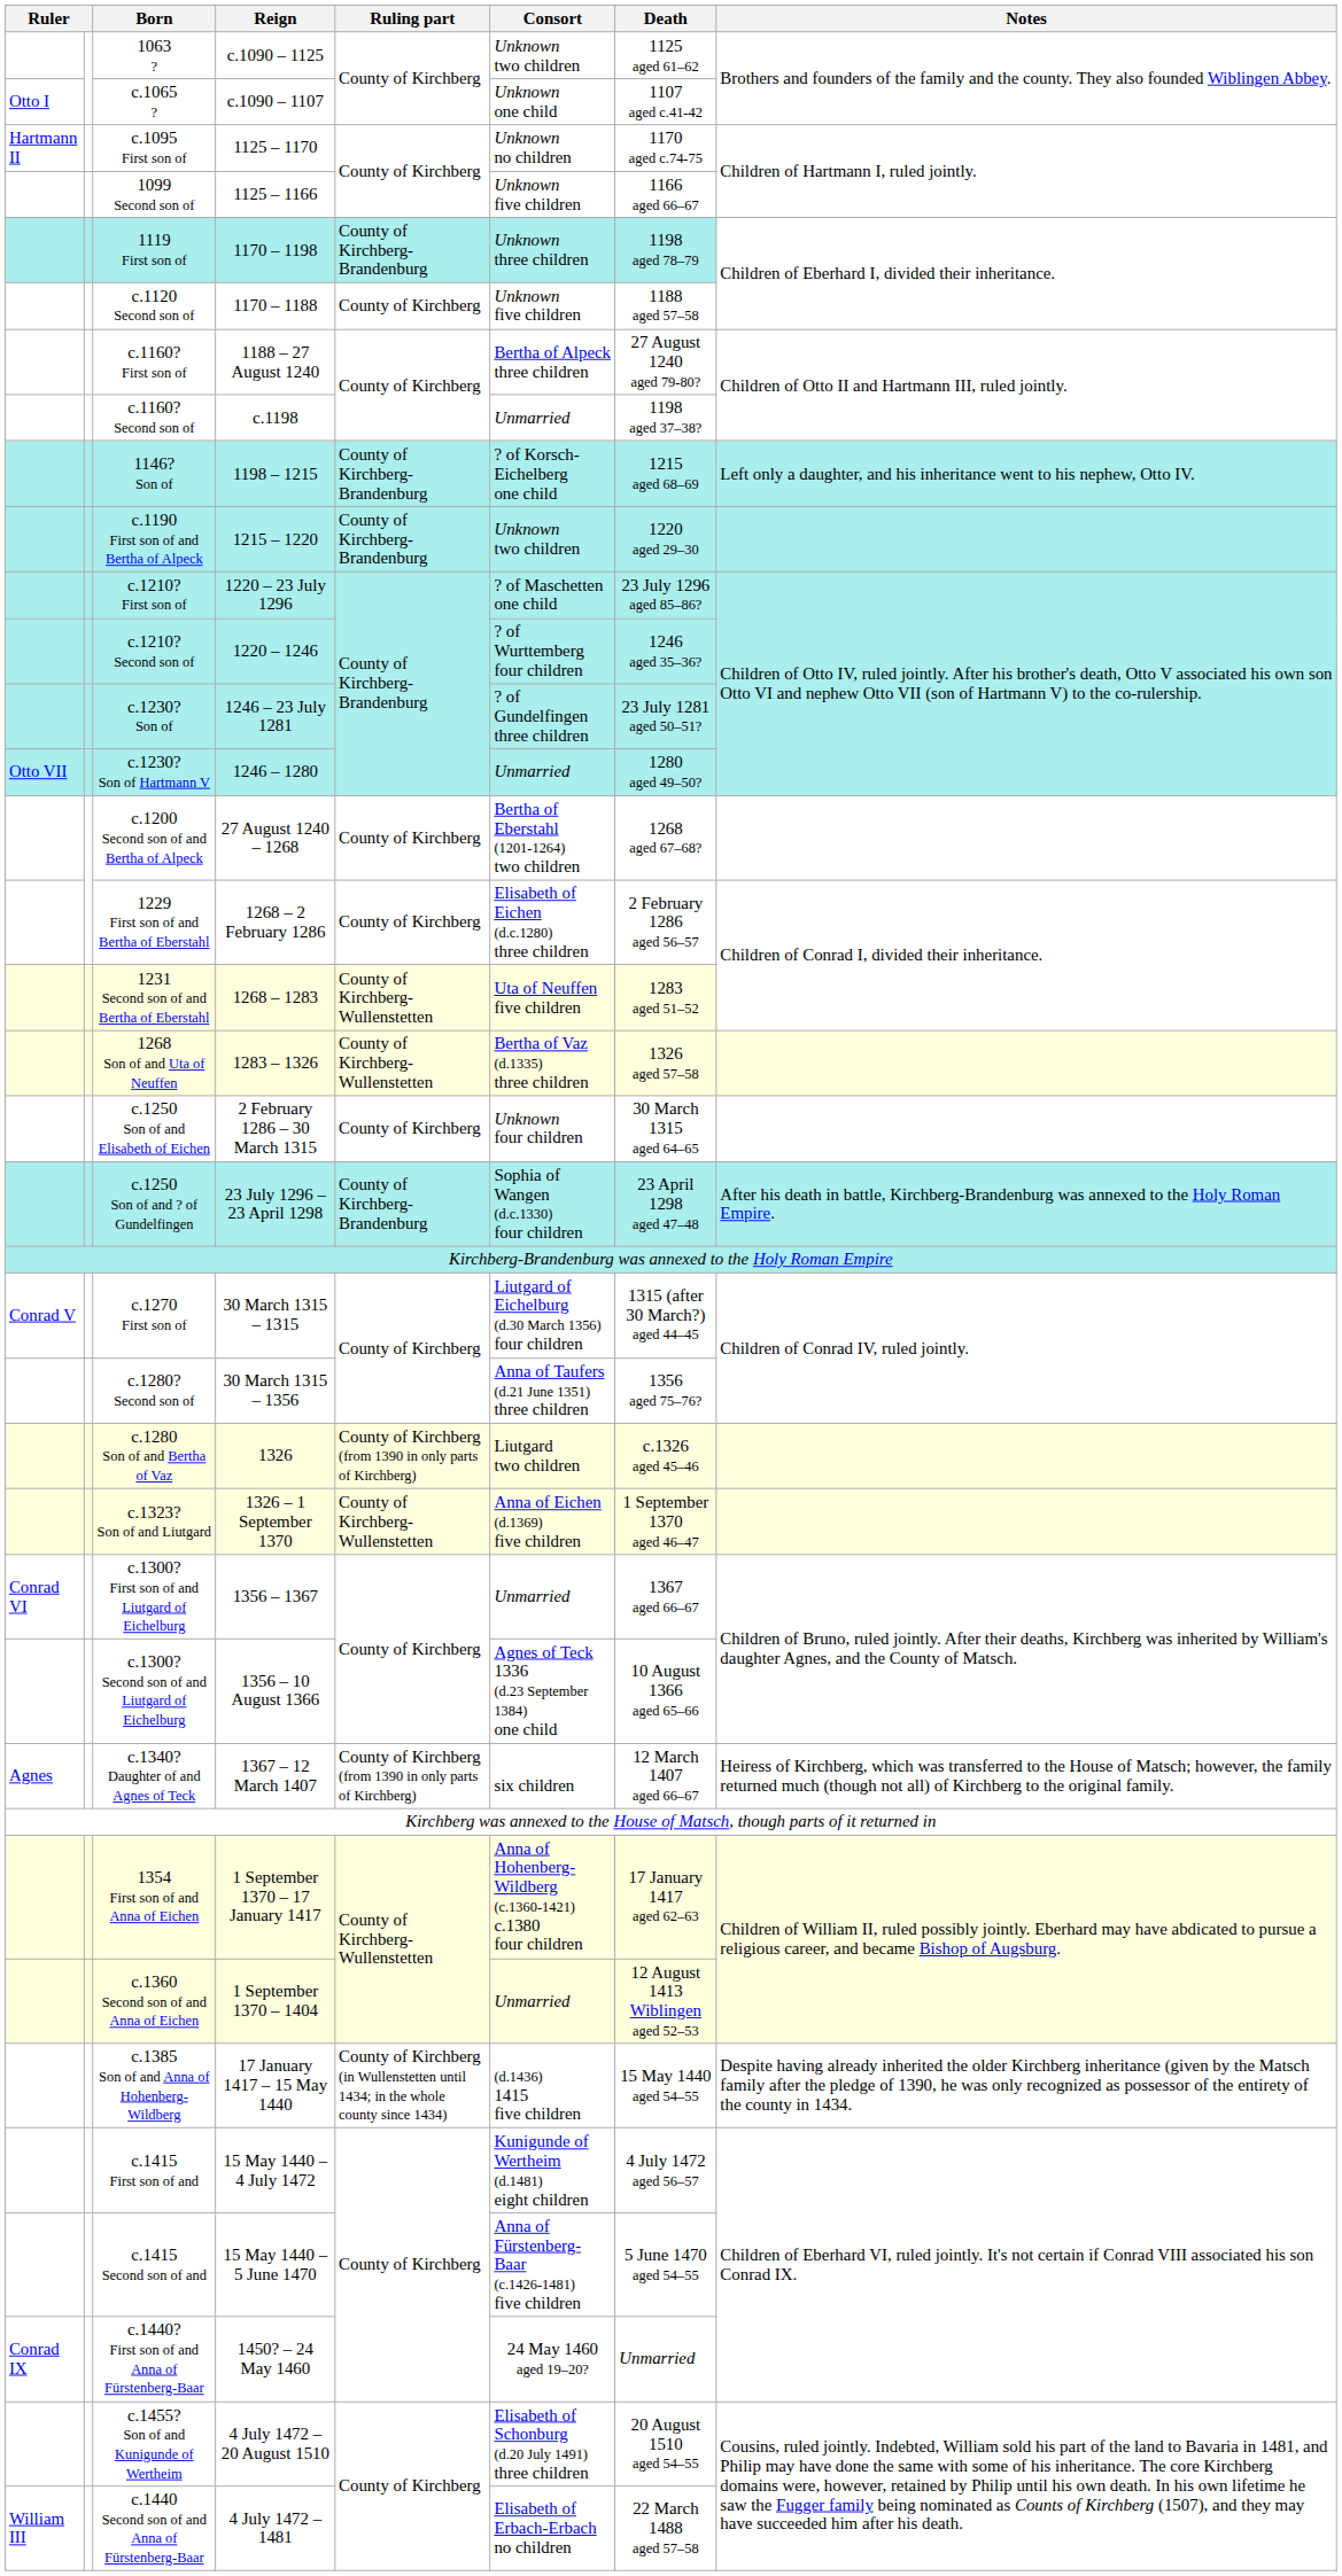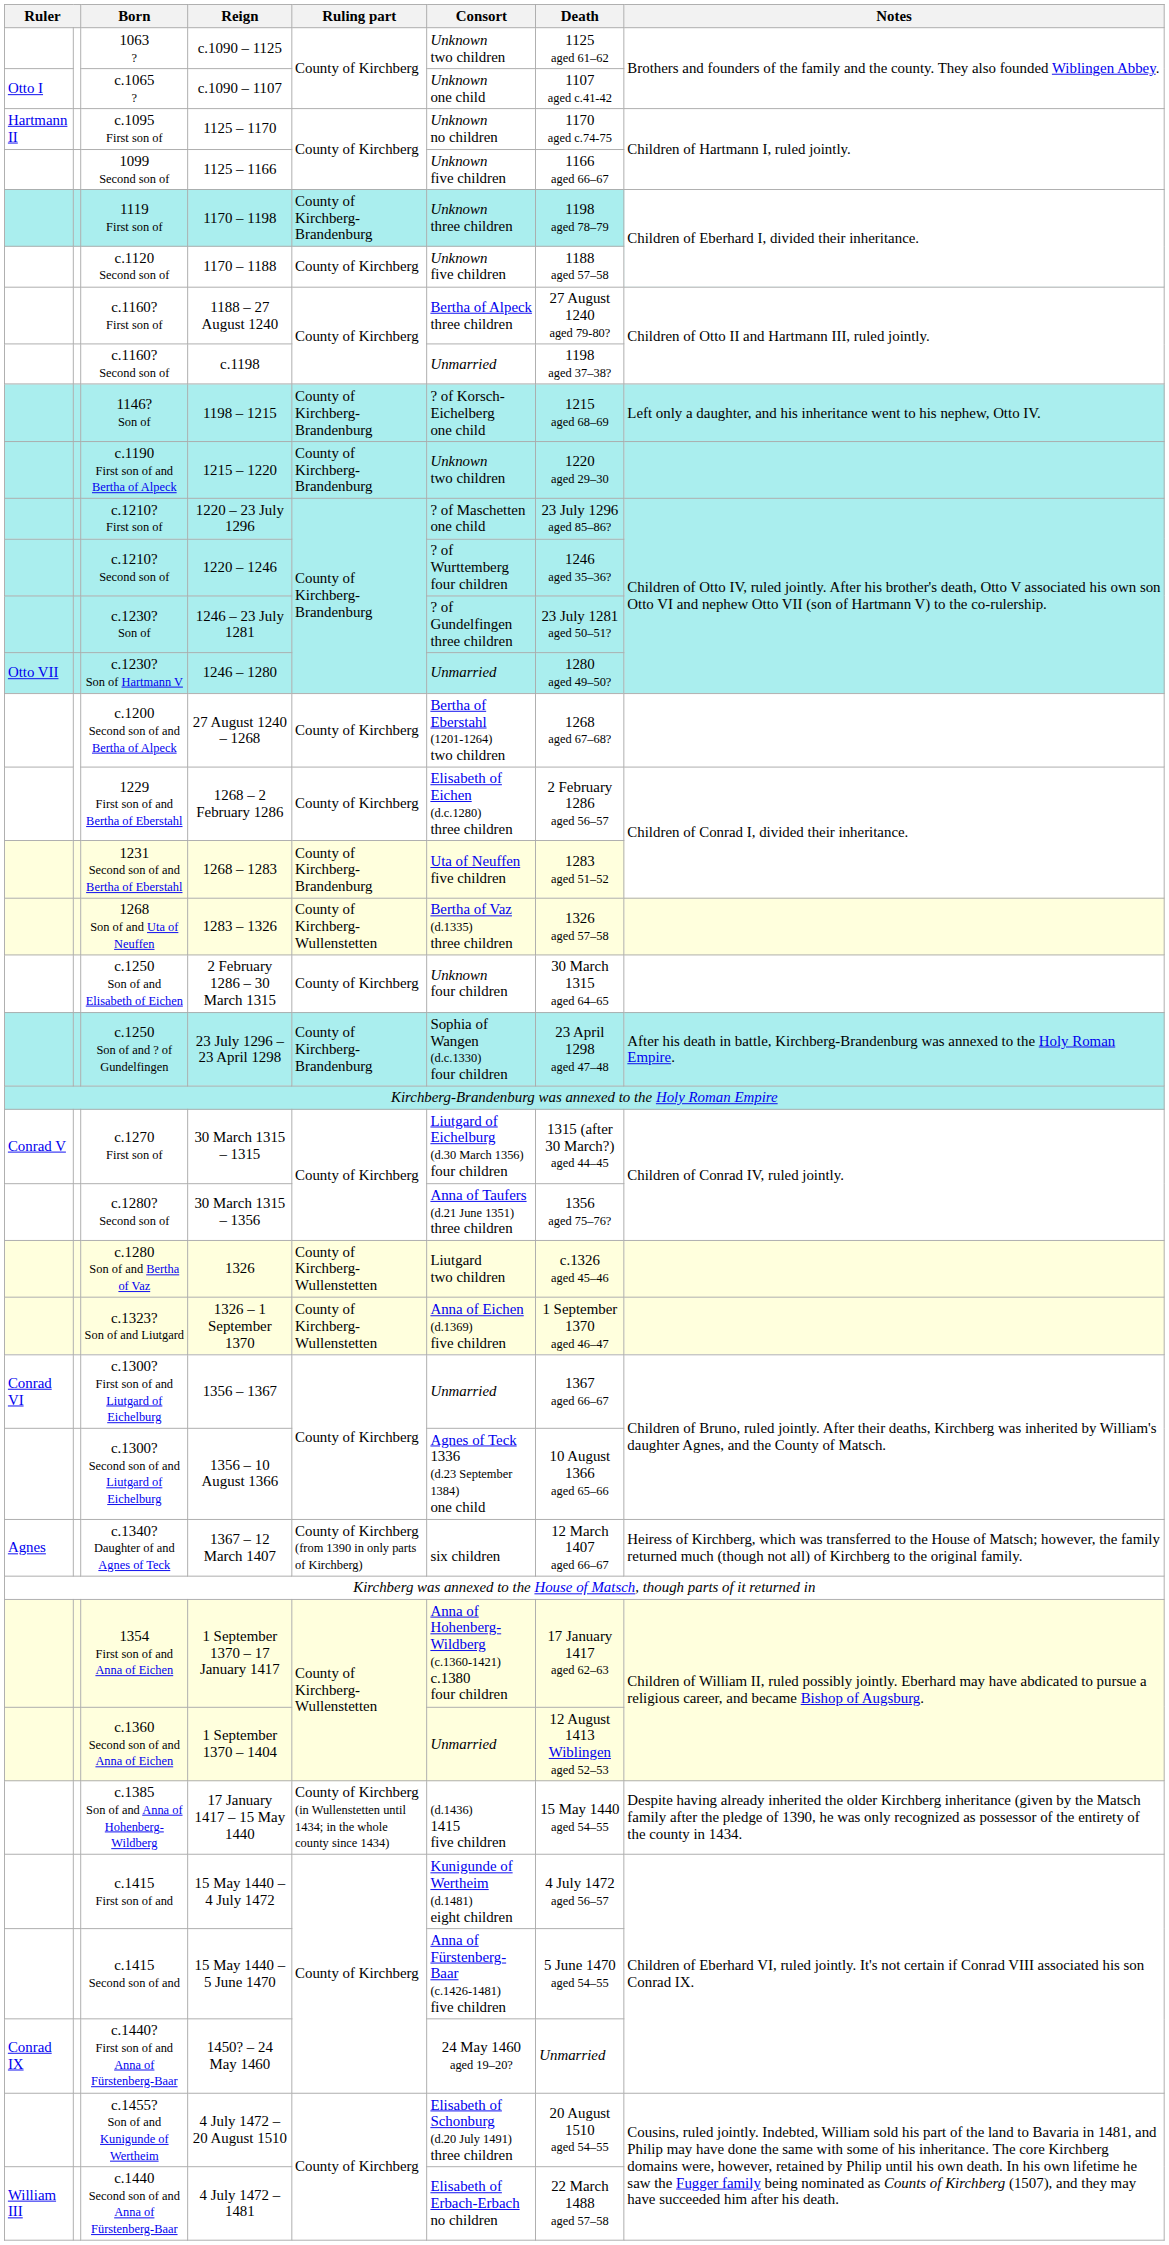 <table class="wikitable sticky-header">
 <tr>
 <th colspan=2>Ruler</th>
 <th>Born</th>
 <th>Reign</th>
 <th>Ruling part</th>
 <th>Consort</th>
 <th>Death</th>
 <th>Notes</th>
 </tr>
 <tr style="background:#fff;">
 <td></td>
 <td rowspan="2"></td>
 <td align=center>1063<br><small>?</small></td>
 <td align="center">c.1090 –  1125</td>
 <td rowspan="2">County of Kirchberg</td>
 <td><em>Unknown</em><br>two children</td>
 <td align=center>1125<br><small>aged 61–62</small></td>
 <td rowspan="2">Brothers and founders of the family and the county. They also founded <a href='#'>Wiblingen Abbey</a>.</td>
 </tr>
 <tr style="background:#fff;">
 <td><a href='#'>Otto I</a></td>
 <td align=center>c.1065<br><small>?</small></td>
 <td align="center">c.1090 –  1107</td>
 <td><em>Unknown</em><br>one child</td>
 <td align=center>1107<br><small>aged c.41-42</small></td>
 </tr>
 <tr style="background:#fff;">
 <td><a href='#'>Hartmann II</a></td>
 <td></td>
 <td align=center>c.1095<br><small>First son of </small></td>
 <td align="center">1125 – 1170</td>
 <td rowspan="2">County of Kirchberg</td>
 <td><em>Unknown</em><br>no children</td>
 <td align=center>1170<br><small>aged c.74-75</small></td>
 <td rowspan="2">Children of Hartmann I, ruled jointly.</td>
 </tr>
 <tr style="background:#fff;">
 <td></td>
 <td></td>
 <td align=center>1099<br><small>Second son of </small></td>
 <td align="center">1125 – 1166</td>
 <td><em>Unknown</em><br>five children</td>
 <td align=center>1166<br><small>aged 66–67</small></td>
 </tr>
 <tr style="background:#aee;">
 <td></td>
 <td></td>
 <td align=center>1119<br><small>First son of </small></td>
 <td align="center">1170 – 1198</td>
 <td>County of Kirchberg-Brandenburg</td>
 <td><em>Unknown</em><br>three children</td>
 <td align=center>1198<br><small>aged 78–79</small></td>
 <td rowspan="2" style="background:#fff;">Children of Eberhard I, divided their inheritance.</td>
 </tr>
 <tr style="background:#fff;">
 <td></td>
 <td></td>
 <td align=center>c.1120<br><small>Second son of </small></td>
 <td align="center">1170 – 1188</td>
 <td>County of Kirchberg</td>
 <td><em>Unknown</em><br>five children</td>
 <td align=center>1188<br><small>aged 57–58</small></td>
 </tr>
 <tr style="background:#fff;">
 <td></td>
 <td></td>
 <td align=center>c.1160?<br><small>First son of </small></td>
 <td align="center">1188 – 27 August 1240</td>
 <td rowspan="2">County of Kirchberg</td>
 <td><a href='#'>Bertha of Alpeck</a><br>three children</td>
 <td align=center>27 August 1240<br><small>aged 79-80?</small></td>
 <td rowspan="2">Children of Otto II and Hartmann III, ruled jointly.</td>
 </tr>
 <tr style="background:#fff;">
 <td></td>
 <td></td>
 <td align=center>c.1160?<br><small>Second son of </small></td>
 <td align="center">c.1198</td>
 <td><em>Unmarried</em></td>
 <td align=center>1198<br><small>aged 37–38?</small></td>
 </tr>
 <tr style="background:#aee;">
 <td></td>
 <td></td>
 <td align=center>1146?<br><small>Son of </small></td>
 <td align="center">1198 – 1215</td>
 <td>County of Kirchberg-Brandenburg</td>
 <td>? of Korsch-Eichelberg<br>one child</td>
 <td align=center>1215<br><small>aged 68–69</small></td>
 <td>Left only a daughter, and his inheritance went to his nephew, Otto IV.</td>
 </tr>
 <tr style="background:#aee;">
 <td></td>
 <td></td>
 <td align=center>c.1190<br><small>First son of  and <a href='#'>Bertha of Alpeck</a></small></td>
 <td align="center">1215 – 1220</td>
 <td>County of Kirchberg-Brandenburg</td>
 <td><em>Unknown</em><br>two children</td>
 <td align=center>1220<br><small>aged 29–30</small></td>
 <td></td>
 </tr>
 <tr style="background:#aee;">
 <td></td>
 <td></td>
 <td align=center>c.1210?<br><small>First son of </small></td>
 <td align="center">1220 – 23 July 1296</td>
 <td rowspan="4">County of Kirchberg-Brandenburg</td>
 <td>? of Maschetten<br>one child</td>
 <td align=center>23 July 1296<br><small>aged 85–86?</small></td>
 <td rowspan="4">Children of Otto IV, ruled jointly. After his brother's death, Otto V associated his own son Otto VI and nephew Otto VII (son of Hartmann V) to the co-rulership.</td>
 </tr>
 <tr style="background:#aee;">
 <td></td>
 <td></td>
 <td align="center">c.1210?<br><small>Second son of </small></td>
 <td align="center">1220 –  1246</td>
 <td>? of Wurttemberg<br>four children</td>
 <td align="center">1246<br><small>aged 35–36?</small></td>
 </tr>
 <tr style="background:#aee;">
 <td></td>
 <td></td>
 <td align="center">c.1230?<br><small>Son of </small></td>
 <td align="center">1246 – 23 July 1281</td>
 <td>? of Gundelfingen<br>three children</td>
 <td align="center">23 July 1281<br><small>aged 50–51?</small></td>
 </tr>
 <tr style="background:#aee;">
 <td><a href='#'>Otto VII</a></td>
 <td></td>
 <td align="center">c.1230?<br><small>Son of <a href='#'>Hartmann V</a></small></td>
 <td align="center">1246 – 1280</td>
 <td><em>Unmarried</em></td>
 <td align="center">1280<br><small>aged 49–50?</small></td>
 </tr>
 <tr style="background:#fff;">
 <td></td>
 <td rowspan="2"></td>
 <td align=center>c.1200<br><small>Second son of  and <a href='#'>Bertha of Alpeck</a></small></td>
 <td align="center">27 August 1240 – 1268</td>
 <td>County of Kirchberg</td>
 <td><a href='#'>Bertha of Eberstahl</a><br><small>(1201-1264)</small><br>two children</td>
 <td align=center>1268<br><small>aged 67–68?</small></td>
 <td></td>
 </tr>
 <tr style="background:#fff;">
 <td></td>
 <td align=center>1229<br><small>First son of  and <a href='#'>Bertha of Eberstahl</a></small></td>
 <td align="center">1268 – 2 February 1286</td>
 <td>County of Kirchberg</td>
 <td><a href='#'>Elisabeth of Eichen</a><br><small>(d.c.1280)</small><br>three children</td>
 <td align=center>2 February 1286<br><small>aged 56–57</small></td>
 <td rowspan="2">Children of Conrad I, divided their inheritance.</td>
 </tr>
 <tr style="background:#ffd;">
 <td></td>
 <td></td>
 <td align=center>1231<br><small>Second son of  and <a href='#'>Bertha of Eberstahl</a></small></td>
 <td align="center">1268 – 1283</td>
-<td>County of Kirchberg-Wullenstetten</td>
+<td>County of Kirchberg-Brandenburg</td>
 <td><a href='#'>Uta of Neuffen</a><br>five children</td>
 <td align=center>1283<br><small>aged 51–52</small></td>
 </tr>
 <tr style="background:#ffd;">
 <td></td>
 <td></td>
 <td align=center>1268<br><small>Son of  and <a href='#'>Uta of Neuffen</a></small></td>
 <td align="center">1283 – 1326</td>
 <td>County of Kirchberg-Wullenstetten</td>
 <td><a href='#'>Bertha of Vaz</a><br><small>(d.1335)</small><br>three children</td>
 <td align=center>1326<br><small>aged 57–58</small></td>
 <td></td>
 </tr>
 <tr style="background:#fff;">
 <td></td>
 <td></td>
 <td align=center>c.1250<br><small>Son of  and <a href='#'>Elisabeth of Eichen</a></small></td>
 <td align="center">2 February 1286 – 30 March 1315</td>
 <td>County of Kirchberg</td>
 <td><em>Unknown</em><br>four children</td>
 <td align=center>30 March 1315<br><small>aged 64–65</small></td>
 <td></td>
 </tr>
 <tr style="background:#aee;">
 <td></td>
 <td></td>
 <td align=center>c.1250<br><small>Son of  and ? of Gundelfingen</small></td>
 <td align="center">23 July 1296 – 23 April 1298</td>
 <td>County of Kirchberg-Brandenburg</td>
 <td>Sophia of Wangen<br><small>(d.c.1330)</small><br>four children</td>
 <td align=center>23 April 1298<br><small>aged 47–48</small></td>
 <td>After his death in battle, Kirchberg-Brandenburg was annexed to the <a href='#'>Holy Roman Empire</a>.</td>
 </tr>
 <tr style="background:#aee;">
 <td colspan="8" align="center"><em>Kirchberg-Brandenburg was annexed to the <a href='#'>Holy Roman Empire</a></em></td>
 </tr>
 <tr style="background:#fff;">
 <td><a href='#'>Conrad V</a></td>
 <td></td>
 <td align=center>c.1270<br><small>First son of </small></td>
 <td align="center">30 March 1315 – 1315</td>
 <td rowspan="2">County of Kirchberg</td>
 <td><a href='#'>Liutgard of Eichelburg</a><br><small>(d.30 March 1356)</small><br>four children</td>
 <td align=center>1315 (after 30 March?)<br><small>aged 44–45</small></td>
 <td rowspan="2">Children of Conrad IV, ruled jointly.</td>
 </tr>
 <tr style="background:#fff;">
 <td></td>
 <td></td>
 <td align=center>c.1280?<br><small>Second son of </small></td>
 <td align="center">30 March 1315 – 1356</td>
 <td><a href='#'>Anna of Taufers</a><br><small>(d.21 June 1351)</small><br>three children</td>
 <td align=center>1356<br><small>aged 75–76?</small></td>
 </tr>
 <tr style="background:#ffd;">
 <td></td>
 <td></td>
 <td align=center>c.1280<br><small>Son of  and <a href='#'>Bertha of Vaz</a></small></td>
 <td align="center">1326</td>
-<td>County of Kirchberg<br><small>(from 1390 in only parts of Kirchberg)</small></td>
+<td>County of Kirchberg-Wullenstetten</td>
 <td>Liutgard<br>two children</td>
 <td align=center>c.1326<br><small>aged 45–46</small></td>
 <td></td>
 </tr>
 <tr style="background:#ffd;">
 <td></td>
 <td></td>
 <td align=center>c.1323?<br><small>Son of  and Liutgard</small></td>
 <td align="center">1326 – 1 September 1370</td>
 <td>County of Kirchberg-Wullenstetten</td>
 <td><a href='#'>Anna of Eichen</a><br><small>(d.1369)</small><br>five children</td>
 <td align=center>1 September 1370<br><small>aged 46–47</small></td>
 <td></td>
 </tr>
 <tr style="background:#fff;">
 <td><a href='#'>Conrad VI</a></td>
 <td></td>
 <td align=center>c.1300?<br><small>First son of  and <a href='#'>Liutgard of Eichelburg</a></small></td>
 <td align="center">1356 – 1367</td>
 <td rowspan="2">County of Kirchberg</td>
 <td><em>Unmarried</em></td>
 <td align=center>1367<br><small>aged 66–67</small></td>
 <td rowspan="2">Children of Bruno, ruled jointly. After their deaths, Kirchberg was inherited by William's daughter Agnes, and the County of Matsch.</td>
 </tr>
 <tr style="background:#fff;">
 <td></td>
 <td></td>
 <td align=center>c.1300?<br><small>Second son of  and <a href='#'>Liutgard of Eichelburg</a></small></td>
 <td align="center">1356 – 10 August 1366</td>
 <td><a href='#'>Agnes of Teck</a><br>1336<br><small>(d.23 September 1384)</small><br>one child</td>
 <td align=center>10 August 1366<br><small>aged 65–66</small></td>
 </tr>
 <tr style="background:#fff;">
 <td><a href='#'>Agnes</a></td>
 <td></td>
 <td align=center>c.1340?<br><small>Daughter of  and <a href='#'>Agnes of Teck</a> </small></td>
 <td align="center">1367 – 12 March 1407</td>
 <td>County of Kirchberg<br><small>(from 1390 in only parts of Kirchberg)</small></td>
 <td><br>six children</td>
 <td align=center>12 March 1407<br><small>aged 66–67</small></td>
 <td>Heiress of Kirchberg, which was transferred to the House of Matsch; however, the family returned much (though not all) of Kirchberg to the original family.</td>
 </tr>
 <tr style="background:#fff;">
 <td colspan="8" align="center"><em>Kirchberg was annexed to the <a href='#'>House of Matsch</a>, though parts of it returned in </em></td>
 </tr>
 <tr style="background:#ffd;">
 <td></td>
 <td></td>
 <td align="center">1354<br><small>First son of  and <a href='#'>Anna of Eichen</a></small></td>
 <td align="center">1 September 1370 –  17 January 1417</td>
 <td rowspan="2">County of Kirchberg-Wullenstetten</td>
 <td><a href='#'>Anna of Hohenberg-Wildberg</a><br><small>(c.1360-1421)</small><br>c.1380<br>four children</td>
 <td align="center">17 January 1417<br><small>aged 62–63</small></td>
 <td rowspan="2">Children of William II, ruled possibly jointly. Eberhard may have abdicated to pursue a religious career, and became <a href='#'>Bishop of Augsburg</a>.</td>
 </tr>
 <tr style="background:#ffd;">
 <td></td>
 <td></td>
 <td align="center">c.1360<br><small>Second son of  and <a href='#'>Anna of Eichen</a></small></td>
 <td align="center">1 September 1370 – 1404</td>
 <td><em>Unmarried</em></td>
 <td align="center">12 August 1413<br><a href='#'>Wiblingen</a><br><small>aged 52–53</small></td>
 </tr>
 <tr style="background:#fff;">
 <td></td>
 <td></td>
 <td align=center>c.1385<br><small>Son of  and <a href='#'>Anna of Hohenberg-Wildberg</a></small></td>
 <td align=center>17 January 1417 – 15 May 1440</td>
 <td>County of Kirchberg<br><small>(in <span>Wullenstetten</span> until 1434; in the whole county since 1434)</small></td>
 <td><br><small>(d.1436)</small><br>1415<br>five children</td>
 <td align=center>15 May 1440<br><small>aged 54–55</small></td>
 <td>Despite having already inherited the older Kirchberg inheritance (given by the Matsch family after the pledge of 1390, he was only recognized as possessor of the entirety of the county in 1434.</td>
 </tr>
 <tr style="background:#fff;">
 <td></td>
 <td></td>
 <td align="center">c.1415<br><small>First son of  and </small></td>
 <td align="center">15 May 1440 – 4 July 1472</td>
 <td rowspan="3">County of Kirchberg</td>
 <td><a href='#'>Kunigunde of Wertheim</a><br><small>(d.1481)</small><br>eight children</td>
 <td align="center">4 July 1472<br><small>aged 56–57</small></td>
 <td rowspan="3">Children of Eberhard VI, ruled jointly. It's not certain if Conrad VIII associated his son Conrad IX.</td>
 </tr>
 <tr style="background:#fff;">
 <td></td>
 <td></td>
 <td align="center">c.1415<br><small>Second son of  and </small></td>
 <td align="center">15 May 1440 – 5 June 1470</td>
 <td><a href='#'>Anna of Fürstenberg-Baar</a><br><small>(c.1426-1481)</small><br>five children</td>
 <td align="center">5 June 1470<br><small>aged 54–55</small></td>
 </tr>
 <tr style="background:#fff;">
 <td><a href='#'>Conrad IX</a></td>
 <td></td>
 <td align="center">c.1440?<br><small>First son of  and <a href='#'>Anna of Fürstenberg-Baar</a></small></td>
 <td align="center">1450? – 24 May 1460</td>
 <td align="center">24 May 1460<br><small>aged 19–20?</small></td>
 <td><em>Unmarried</em></td>
 </tr>
 <tr style="background:#fff;">
 <td></td>
 <td></td>
 <td align="center">c.1455?<br><small>Son of  and <a href='#'>Kunigunde of Wertheim</a></small></td>
 <td align="center">4 July 1472 – 20 August 1510</td>
 <td rowspan="2">County of Kirchberg</td>
 <td><a href='#'>Elisabeth of Schonburg</a><br><small>(d.20 July 1491)</small><br>three children</td>
 <td align="center">20 August 1510<br><small>aged 54–55</small></td>
 <td rowspan="2">Cousins, ruled jointly. Indebted, William sold his part of the land to Bavaria in 1481, and Philip may have done the same with some of his inheritance. The core Kirchberg domains were, however, retained by Philip until his own death. In his own lifetime he saw the <a href='#'>Fugger family</a> being nominated as <em>Counts of Kirchberg</em> (1507), and they may have succeeded him after his death.</td>
 </tr>
 <tr style="background:#fff;">
 <td><a href='#'>William III</a></td>
 <td></td>
 <td align="center">c.1440<br><small>Second son of  and <a href='#'>Anna of Fürstenberg-Baar</a></small></td>
 <td align="center">4 July 1472 – 1481</td>
 <td><a href='#'>Elisabeth of Erbach-Erbach</a><br>no children</td>
 <td align="center">22 March 1488<br><small>aged 57–58</small></td>
 </tr>
 </table>
